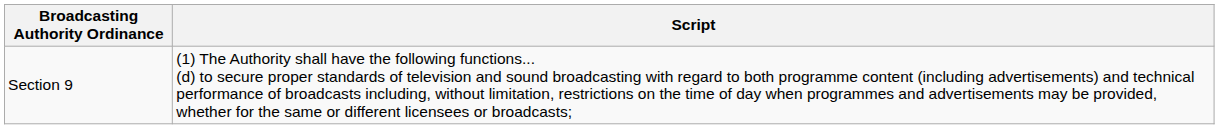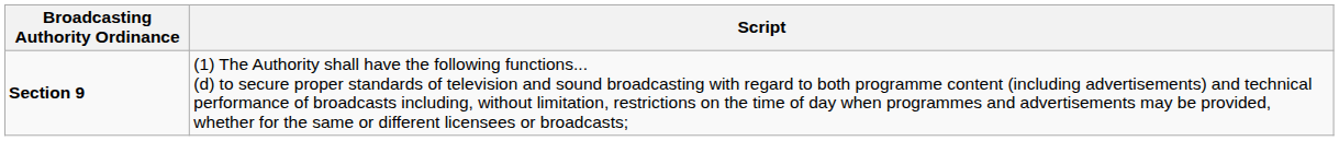 <table class="wikitable">
 <tr>
 <th>Broadcasting Authority Ordinance</th>
 <th>Script</th>
 </tr>
 <tr>
-<td>Section 9</td>
+<td><strong>Section 9</strong></td>
 <td>(1)  The Authority shall have the following functions...<br>(d)  to secure proper standards of television and sound broadcasting with regard to both programme content (including advertisements) and technical performance of broadcasts including, without limitation, restrictions on the time of day when programmes and advertisements may be provided, whether for the same or different licensees or broadcasts;</td>
 </tr>
 </table>
